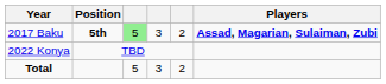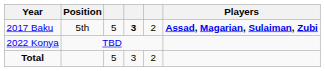 <table class="wikitable" style="text-align: center;">
 <tr>
 <th>Year</th>
 <th>Position</th>
 <th width=25px></th>
 <th width=25px></th>
 <th width=25px></th>
 <th>Players</th>
 </tr>
 <tr>
 <td style="text-align: left;"> <a href='#'>2017 Baku</a></td>
-<td><strong>5th</strong></td>
-<td style="background: lightgreen;">5</td>
-<td>3</td>
+<td>5th</td>
+<td>5</td>
+<td><strong>3</strong></td>
 <td>2</td>
 <td><strong><a href='#'>Assad</a>, <a href='#'>Magarian</a>, <a href='#'>Sulaiman</a>, <a href='#'>Zubi</a></strong></td>
 </tr>
 <tr>
 <td style="text-align: left;"> <a href='#'>2022 Konya</a></td>
 <td colspan=4><a href='#'>TBD</a></td>
 <td></td>
 </tr>
 <tr>
 <td><strong>Total</strong></td>
 <td></td>
 <td>5</td>
 <td>3</td>
 <td>2</td>
 <td></td>
 </tr>
 </table>
